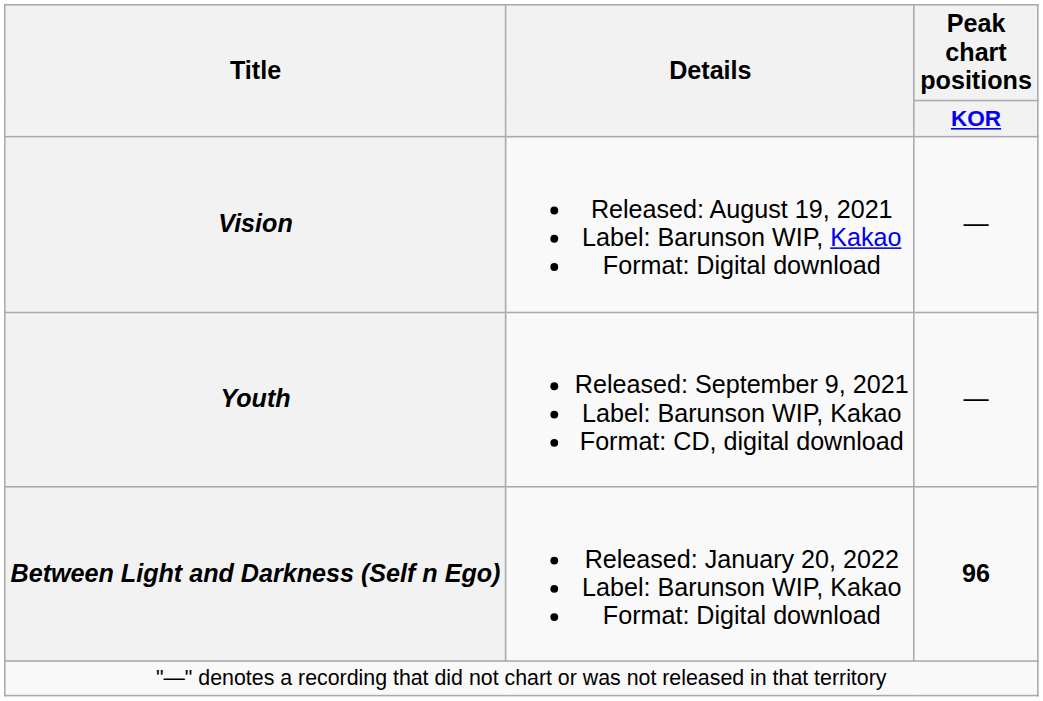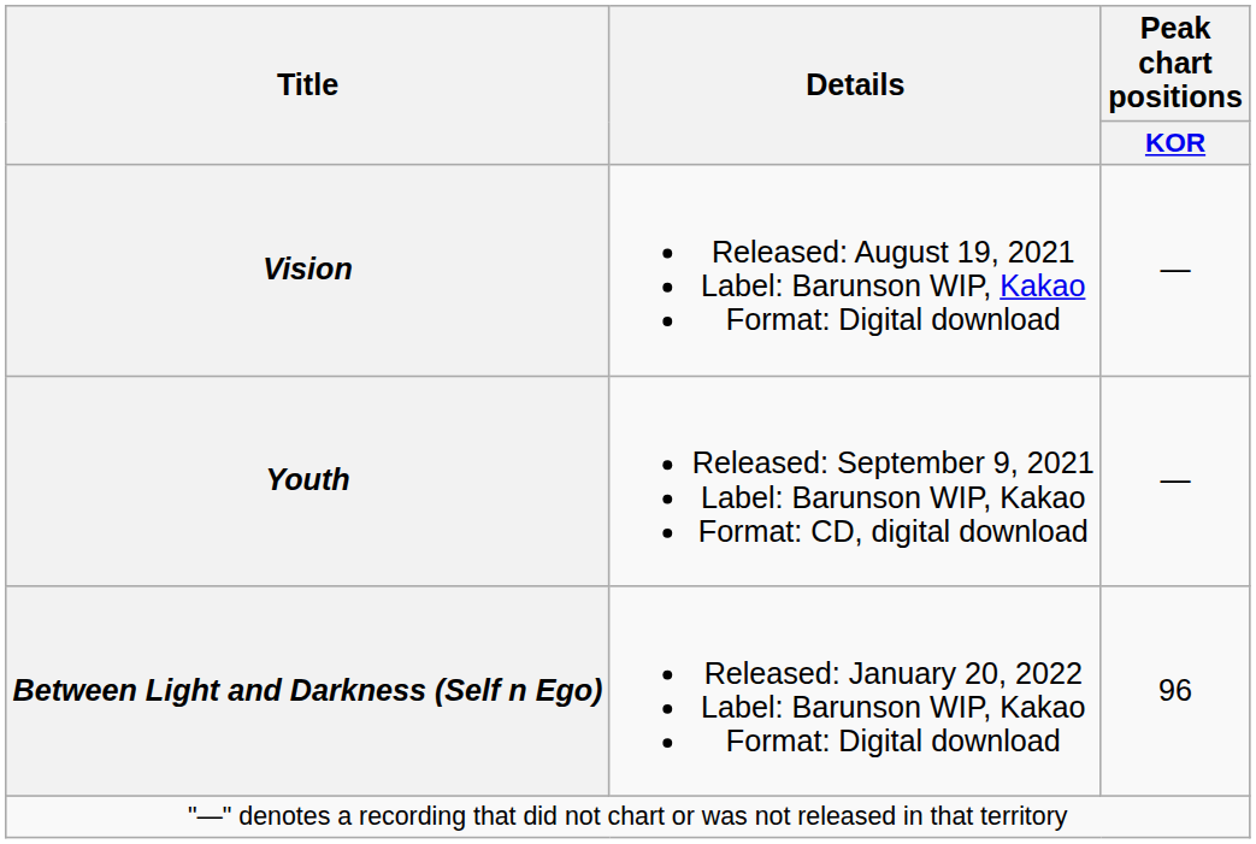 <table class="wikitable plainrowheaders" style="text-align:center">
 <tr>
 <th scope="col" rowspan="2">Title</th>
 <th scope="col" rowspan="2">Details</th>
 <th scope="col">Peak chart positions</th>
 </tr>
 <tr>
 <th scope="col" style="width:3em;font-size:90%;"><a href='#'>KOR</a><br></th>
 </tr>
 <tr>
 <th scope="row"><em>Vision</em></th>
 <td><br><ul><li>Released: August 19, 2021</li><li>Label: Barunson WIP, <a href='#'>Kakao</a></li><li>Format: Digital download</li></ul></td>
 <td>—</td>
 </tr>
 <tr>
 <th scope="row"><em>Youth</em></th>
 <td><br><ul><li>Released: September 9, 2021</li><li>Label: Barunson WIP, Kakao</li><li>Format: CD, digital download</li></ul></td>
 <td>—</td>
 </tr>
 <tr>
 <th scope="row"><em>Between Light and Darkness (Self n Ego)</em></th>
 <td><br><ul><li>Released: January 20, 2022</li><li>Label: Barunson WIP, Kakao</li><li>Format: Digital download</li></ul></td>
-<td><strong>96</strong></td>
+<td>96</td>
 </tr>
 <tr>
 <td colspan="4" style="font-size:85%">"—" denotes a recording that did not chart or was not released in that territory</td>
 </tr>
 </table>
